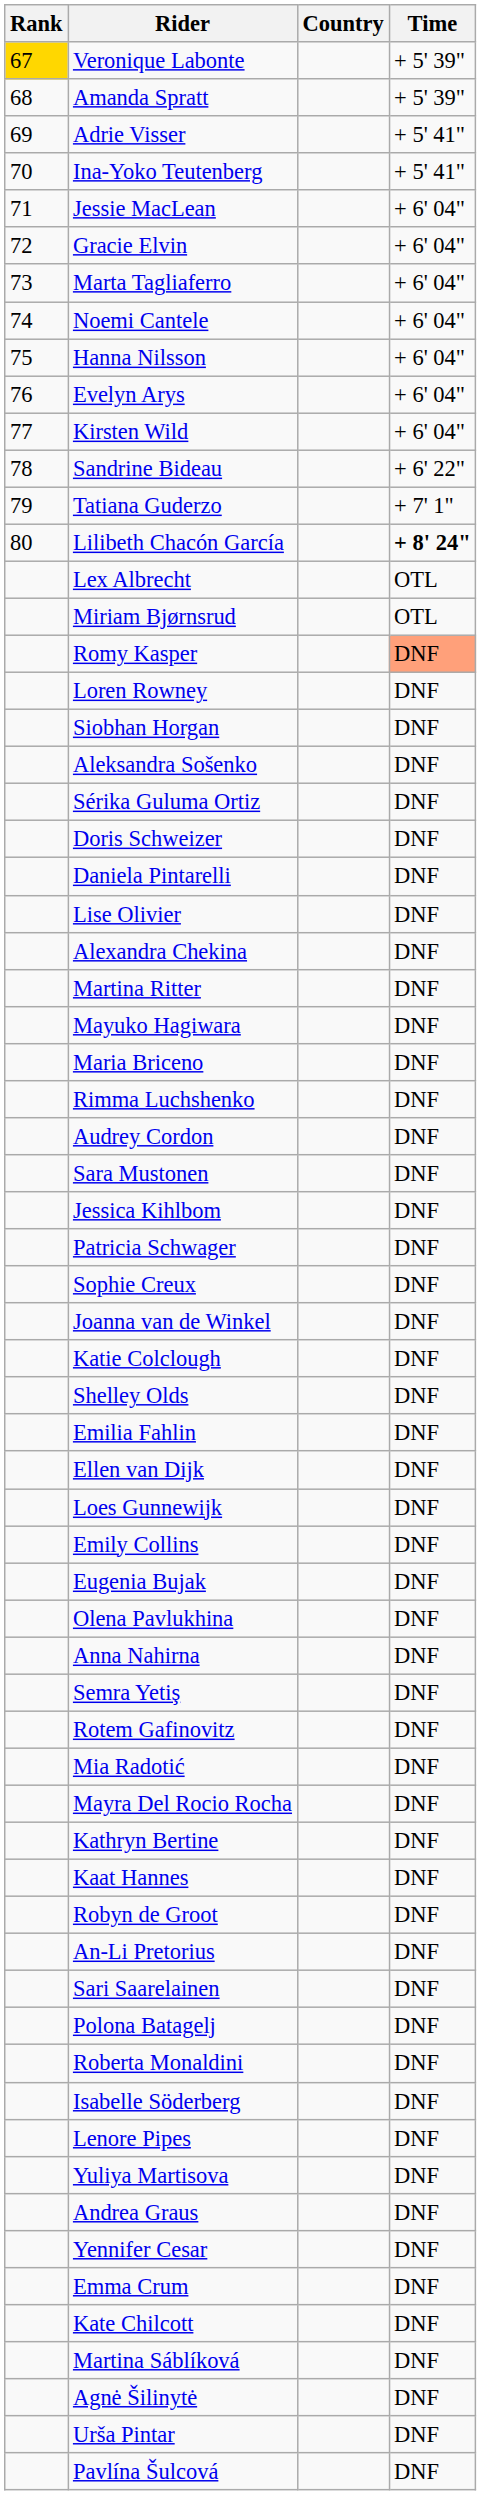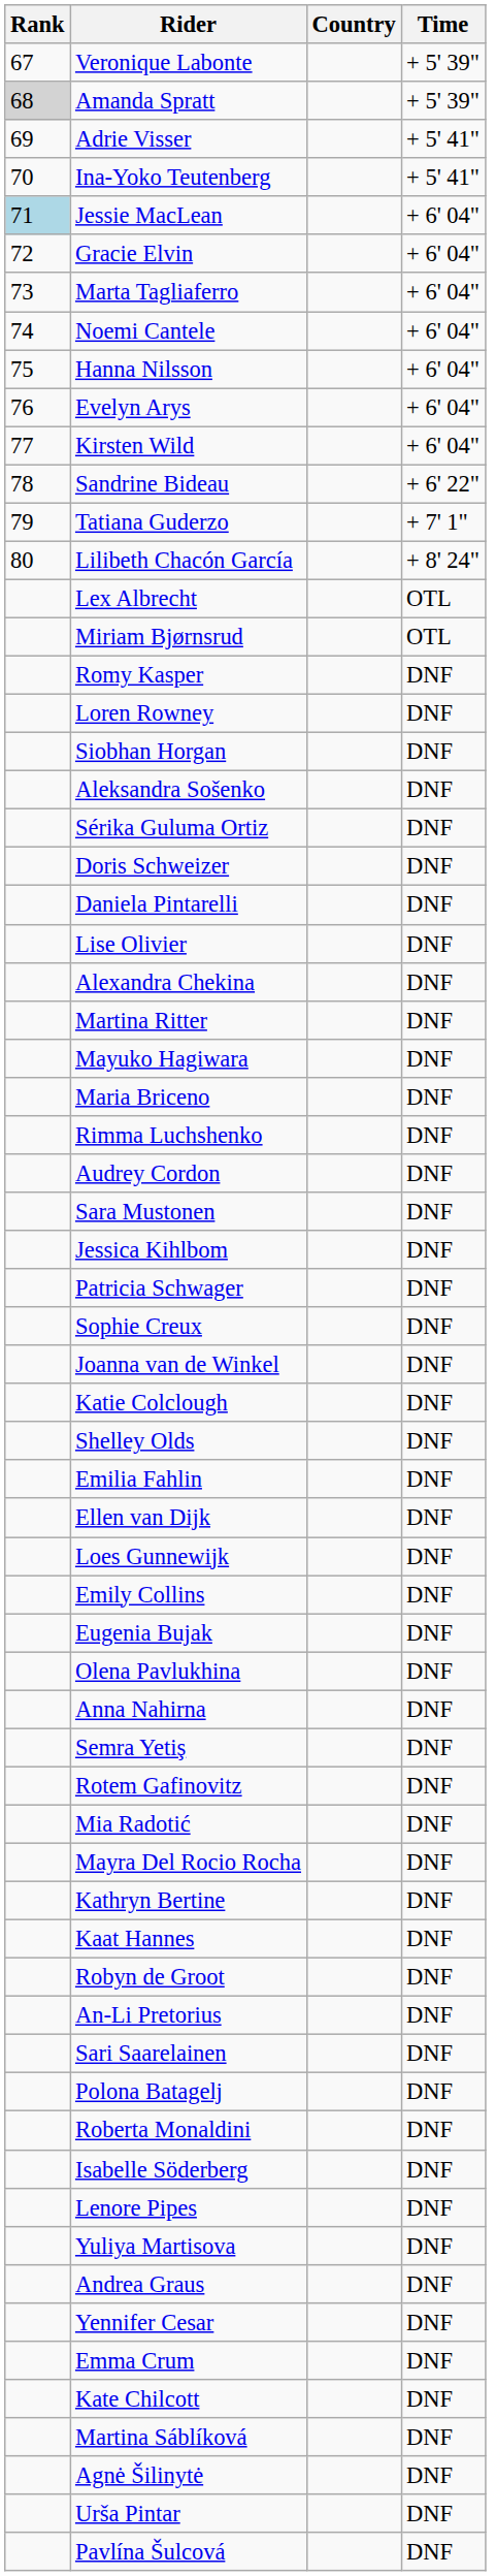 <table class="wikitable" style="font-size:95%; text-align:left;">
 <tr>
 <th>Rank</th>
 <th>Rider</th>
 <th>Country</th>
 <th>Time</th>
 </tr>
 <tr>
-<td style="background: gold;">67</td>
+<td>67</td>
 <td><a href='#'>Veronique Labonte</a></td>
 <td></td>
 <td>+ 5' 39"</td>
 </tr>
 <tr>
-<td>68</td>
+<td style="background: lightgrey;">68</td>
 <td><a href='#'>Amanda Spratt</a></td>
 <td></td>
 <td>+ 5' 39"</td>
 </tr>
 <tr>
 <td>69</td>
 <td><a href='#'>Adrie Visser</a></td>
 <td></td>
 <td>+ 5' 41"</td>
 </tr>
 <tr>
 <td>70</td>
 <td><a href='#'>Ina-Yoko Teutenberg</a></td>
 <td></td>
 <td>+ 5' 41"</td>
 </tr>
 <tr>
-<td>71</td>
+<td style="background: lightblue;">71</td>
 <td><a href='#'>Jessie MacLean</a></td>
 <td></td>
 <td>+ 6' 04"</td>
 </tr>
 <tr>
 <td>72</td>
 <td><a href='#'>Gracie Elvin</a></td>
 <td></td>
 <td>+ 6' 04"</td>
 </tr>
 <tr>
 <td>73</td>
 <td><a href='#'>Marta Tagliaferro</a></td>
 <td></td>
 <td>+ 6' 04"</td>
 </tr>
 <tr>
 <td>74</td>
 <td><a href='#'>Noemi Cantele</a></td>
 <td></td>
 <td>+ 6' 04"</td>
 </tr>
 <tr>
 <td>75</td>
 <td><a href='#'>Hanna Nilsson</a></td>
 <td></td>
 <td>+ 6' 04"</td>
 </tr>
 <tr>
 <td>76</td>
 <td><a href='#'>Evelyn Arys</a></td>
 <td></td>
 <td>+ 6' 04"</td>
 </tr>
 <tr>
 <td>77</td>
 <td><a href='#'>Kirsten Wild</a></td>
 <td></td>
 <td>+ 6' 04"</td>
 </tr>
 <tr>
 <td>78</td>
 <td><a href='#'>Sandrine Bideau</a></td>
 <td></td>
 <td>+ 6' 22"</td>
 </tr>
 <tr>
 <td>79</td>
 <td><a href='#'>Tatiana Guderzo</a></td>
 <td></td>
 <td>+ 7' 1"</td>
 </tr>
 <tr>
 <td>80</td>
 <td><a href='#'>Lilibeth Chacón García</a></td>
 <td></td>
-<td><strong>+ 8' 24"</strong></td>
+<td>+ 8' 24"</td>
 </tr>
 <tr>
 <td></td>
 <td><a href='#'>Lex Albrecht</a></td>
 <td></td>
 <td>OTL</td>
 </tr>
 <tr>
 <td></td>
 <td><a href='#'>Miriam Bjørnsrud</a></td>
 <td></td>
 <td>OTL</td>
 </tr>
 <tr>
 <td></td>
 <td><a href='#'>Romy Kasper</a></td>
 <td></td>
-<td style="background: lightsalmon;">DNF</td>
+<td>DNF</td>
 </tr>
 <tr>
 <td></td>
 <td><a href='#'>Loren Rowney</a></td>
 <td></td>
 <td>DNF</td>
 </tr>
 <tr>
 <td></td>
 <td><a href='#'>Siobhan Horgan</a></td>
 <td></td>
 <td>DNF</td>
 </tr>
 <tr>
 <td></td>
 <td><a href='#'>Aleksandra Sošenko</a></td>
 <td></td>
 <td>DNF</td>
 </tr>
 <tr>
 <td></td>
 <td><a href='#'>Sérika Guluma Ortiz</a></td>
 <td></td>
 <td>DNF</td>
 </tr>
 <tr>
 <td></td>
 <td><a href='#'>Doris Schweizer</a></td>
 <td></td>
 <td>DNF</td>
 </tr>
 <tr>
 <td></td>
 <td><a href='#'>Daniela Pintarelli</a></td>
 <td></td>
 <td>DNF</td>
 </tr>
 <tr>
 <td></td>
 <td><a href='#'>Lise Olivier</a></td>
 <td></td>
 <td>DNF</td>
 </tr>
 <tr>
 <td></td>
 <td><a href='#'>Alexandra Chekina</a></td>
 <td></td>
 <td>DNF</td>
 </tr>
 <tr>
 <td></td>
 <td><a href='#'>Martina Ritter</a></td>
 <td></td>
 <td>DNF</td>
 </tr>
 <tr>
 <td></td>
 <td><a href='#'>Mayuko Hagiwara</a></td>
 <td></td>
 <td>DNF</td>
 </tr>
 <tr>
 <td></td>
 <td><a href='#'>Maria Briceno</a></td>
 <td></td>
 <td>DNF</td>
 </tr>
 <tr>
 <td></td>
 <td><a href='#'>Rimma Luchshenko</a></td>
 <td></td>
 <td>DNF</td>
 </tr>
 <tr>
 <td></td>
 <td><a href='#'>Audrey Cordon</a></td>
 <td></td>
 <td>DNF</td>
 </tr>
 <tr>
 <td></td>
 <td><a href='#'>Sara Mustonen</a></td>
 <td></td>
 <td>DNF</td>
 </tr>
 <tr>
 <td></td>
 <td><a href='#'>Jessica Kihlbom</a></td>
 <td></td>
 <td>DNF</td>
 </tr>
 <tr>
 <td></td>
 <td><a href='#'>Patricia Schwager</a></td>
 <td></td>
 <td>DNF</td>
 </tr>
 <tr>
 <td></td>
 <td><a href='#'>Sophie Creux</a></td>
 <td></td>
 <td>DNF</td>
 </tr>
 <tr>
 <td></td>
 <td><a href='#'>Joanna van de Winkel</a></td>
 <td></td>
 <td>DNF</td>
 </tr>
 <tr>
 <td></td>
 <td><a href='#'>Katie Colclough</a></td>
 <td></td>
 <td>DNF</td>
 </tr>
 <tr>
 <td></td>
 <td><a href='#'>Shelley Olds</a></td>
 <td></td>
 <td>DNF</td>
 </tr>
 <tr>
 <td></td>
 <td><a href='#'>Emilia Fahlin</a></td>
 <td></td>
 <td>DNF</td>
 </tr>
 <tr>
 <td></td>
 <td><a href='#'>Ellen van Dijk</a></td>
 <td></td>
 <td>DNF</td>
 </tr>
 <tr>
 <td></td>
 <td><a href='#'>Loes Gunnewijk</a></td>
 <td></td>
 <td>DNF</td>
 </tr>
 <tr>
 <td></td>
 <td><a href='#'>Emily Collins</a></td>
 <td></td>
 <td>DNF</td>
 </tr>
 <tr>
 <td></td>
 <td><a href='#'>Eugenia Bujak</a></td>
 <td></td>
 <td>DNF</td>
 </tr>
 <tr>
 <td></td>
 <td><a href='#'>Olena Pavlukhina</a></td>
 <td></td>
 <td>DNF</td>
 </tr>
 <tr>
 <td></td>
 <td><a href='#'>Anna Nahirna</a></td>
 <td></td>
 <td>DNF</td>
 </tr>
 <tr>
 <td></td>
 <td><a href='#'>Semra Yetiş</a></td>
 <td></td>
 <td>DNF</td>
 </tr>
 <tr>
 <td></td>
 <td><a href='#'>Rotem Gafinovitz</a></td>
 <td></td>
 <td>DNF</td>
 </tr>
 <tr>
 <td></td>
 <td><a href='#'>Mia Radotić</a></td>
 <td></td>
 <td>DNF</td>
 </tr>
 <tr>
 <td></td>
 <td><a href='#'>Mayra Del Rocio Rocha</a></td>
 <td></td>
 <td>DNF</td>
 </tr>
 <tr>
 <td></td>
 <td><a href='#'>Kathryn Bertine</a></td>
 <td></td>
 <td>DNF</td>
 </tr>
 <tr>
 <td></td>
 <td><a href='#'>Kaat Hannes</a></td>
 <td></td>
 <td>DNF</td>
 </tr>
 <tr>
 <td></td>
 <td><a href='#'>Robyn de Groot</a></td>
 <td></td>
 <td>DNF</td>
 </tr>
 <tr>
 <td></td>
 <td><a href='#'>An-Li Pretorius</a></td>
 <td></td>
 <td>DNF</td>
 </tr>
 <tr>
 <td></td>
 <td><a href='#'>Sari Saarelainen</a></td>
 <td></td>
 <td>DNF</td>
 </tr>
 <tr>
 <td></td>
 <td><a href='#'>Polona Batagelj</a></td>
 <td></td>
 <td>DNF</td>
 </tr>
 <tr>
 <td></td>
 <td><a href='#'>Roberta Monaldini</a></td>
 <td></td>
 <td>DNF</td>
 </tr>
 <tr>
 <td></td>
 <td><a href='#'>Isabelle Söderberg</a></td>
 <td></td>
 <td>DNF</td>
 </tr>
 <tr>
 <td></td>
 <td><a href='#'>Lenore Pipes</a></td>
 <td></td>
 <td>DNF</td>
 </tr>
 <tr>
 <td></td>
 <td><a href='#'>Yuliya Martisova</a></td>
 <td></td>
 <td>DNF</td>
 </tr>
 <tr>
 <td></td>
 <td><a href='#'>Andrea Graus</a></td>
 <td></td>
 <td>DNF</td>
 </tr>
 <tr>
 <td></td>
 <td><a href='#'>Yennifer Cesar</a></td>
 <td></td>
 <td>DNF</td>
 </tr>
 <tr>
 <td></td>
 <td><a href='#'>Emma Crum</a></td>
 <td></td>
 <td>DNF</td>
 </tr>
 <tr>
 <td></td>
 <td><a href='#'>Kate Chilcott</a></td>
 <td></td>
 <td>DNF</td>
 </tr>
 <tr>
 <td></td>
 <td><a href='#'>Martina Sáblíková</a></td>
 <td></td>
 <td>DNF</td>
 </tr>
 <tr>
 <td></td>
 <td><a href='#'>Agnė Šilinytė</a></td>
 <td></td>
 <td>DNF</td>
 </tr>
 <tr>
 <td></td>
 <td><a href='#'>Urša Pintar</a></td>
 <td></td>
 <td>DNF</td>
 </tr>
 <tr>
 <td></td>
 <td><a href='#'>Pavlína Šulcová</a></td>
 <td></td>
 <td>DNF</td>
 </tr>
 </table>
